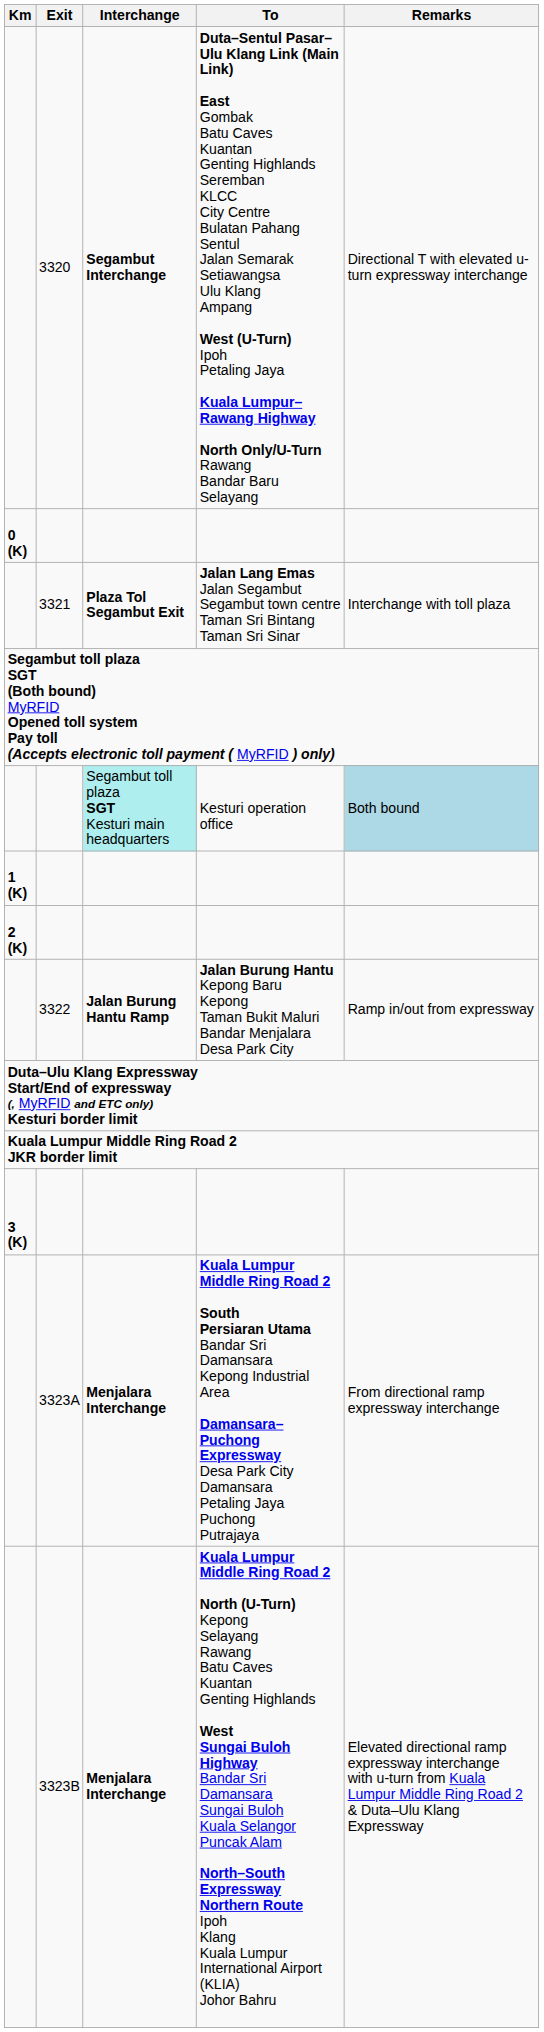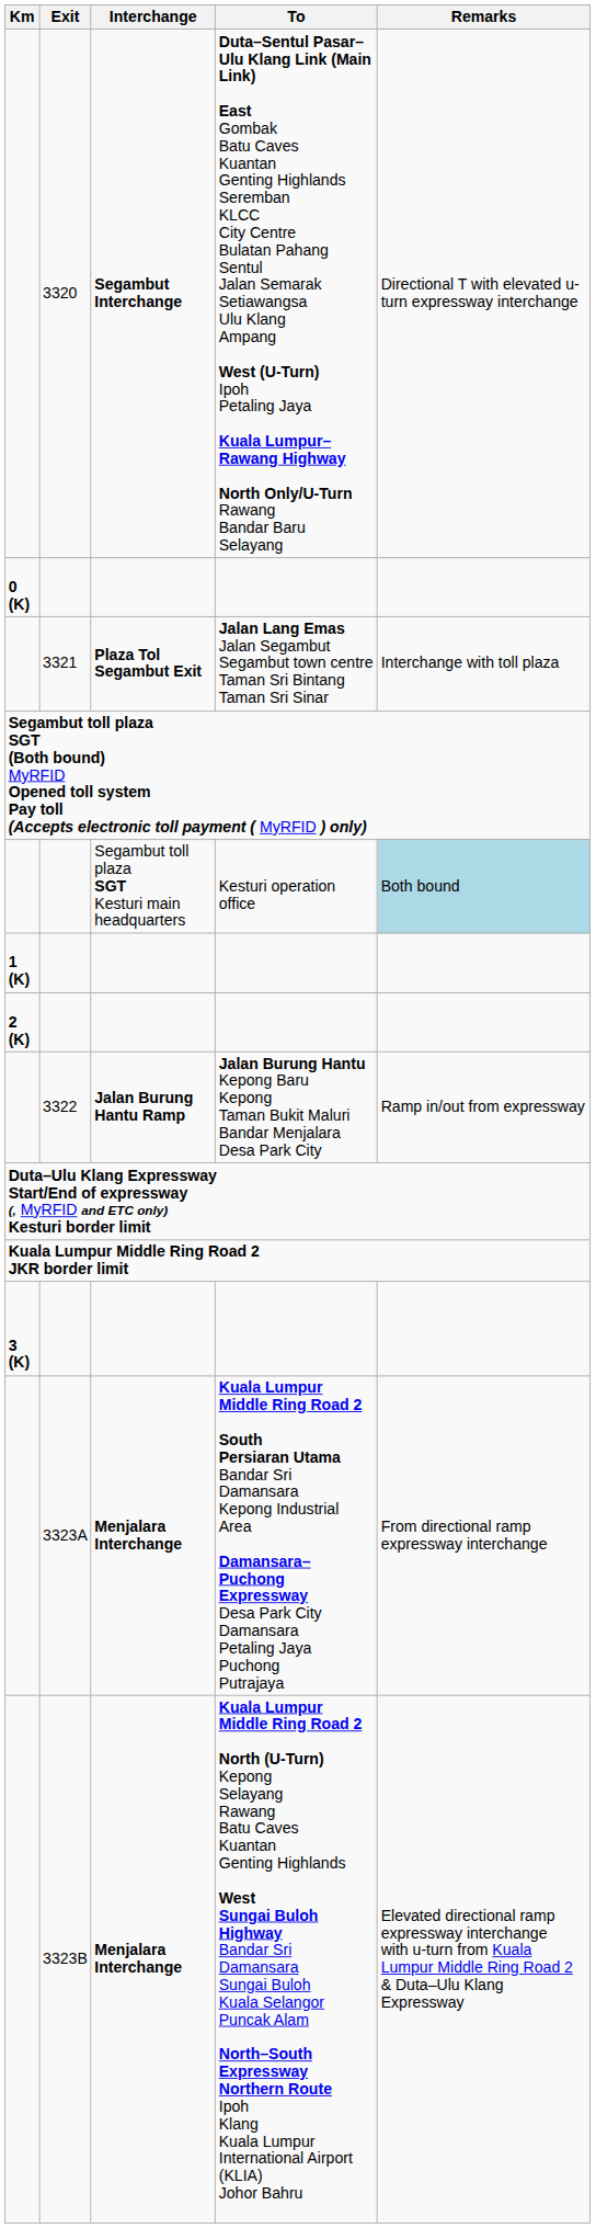 <table class="wikitable">
 <tr>
 <th>Km</th>
 <th>Exit</th>
 <th>Interchange</th>
 <th>To</th>
 <th>Remarks</th>
 </tr>
 <tr>
 <td></td>
 <td>3320</td>
 <td><strong>Segambut Interchange</strong></td>
 <td> <strong>Duta–Sentul Pasar–Ulu Klang Link (Main Link)</strong><br><br><strong>East</strong><br> Gombak<br> Batu Caves<br>   Kuantan<br>   Genting Highlands<br> Seremban<br> KLCC<br> City Centre<br> Bulatan Pahang<br> Sentul<br> Jalan Semarak<br> Setiawangsa<br> Ulu Klang<br> Ampang<br><br><strong>West (U-Turn)</strong><br>  Ipoh<br> Petaling Jaya<br><br> <strong><a href='#'>Kuala Lumpur–Rawang Highway</a></strong><br><br><strong>North Only/U-Turn</strong><br> Rawang<br> Bandar Baru Selayang</td>
 <td>Directional T with elevated u-turn expressway interchange</td>
 </tr>
 <tr>
 <td><br><strong>0 (K)</strong></td>
 <td></td>
 <td></td>
 <td></td>
 <td></td>
 </tr>
 <tr>
 <td></td>
 <td>3321</td>
 <td><strong>Plaza Tol Segambut Exit</strong></td>
 <td><strong>Jalan Lang Emas</strong><br>Jalan Segambut<br>Segambut town centre<br>Taman Sri Bintang<br>Taman Sri Sinar</td>
 <td>Interchange with toll plaza</td>
 </tr>
 <tr>
 <td style="width:600px" colspan="6" style="text-align:center; background:green;"><strong><span>Segambut toll plaza<br>SGT<br>(Both bound)<br></span></strong><a href='#'><span>My</span><span>RFID</span></a> <strong><span>   <br>Opened toll system<br>Pay toll<br><em>(Accepts electronic toll payment (</em></span></strong> <a href='#'><span>My</span><span>RFID</span></a> <strong><span><em>) only)</em></span></strong></td>
 </tr>
 <tr>
 <td></td>
 <td></td>
-<td style="background: paleturquoise;"> Segambut toll plaza<br><strong>SGT</strong><br>Kesturi main headquarters</td>
+<td> Segambut toll plaza<br><strong>SGT</strong><br>Kesturi main headquarters</td>
 <td>   <br>Kesturi operation office</td>
 <td style="background: lightblue;">Both bound</td>
 </tr>
 <tr>
 <td><br><strong>1 (K)</strong></td>
 <td></td>
 <td></td>
 <td></td>
 <td></td>
 </tr>
 <tr>
 <td><br><strong>2 (K)</strong></td>
 <td></td>
 <td></td>
 <td></td>
 <td></td>
 </tr>
 <tr>
 <td></td>
 <td>3322</td>
 <td><strong>Jalan Burung Hantu Ramp</strong></td>
 <td><strong>Jalan Burung Hantu</strong><br>Kepong Baru<br>Kepong<br>Taman Bukit Maluri<br>Bandar Menjalara<br>Desa Park City</td>
 <td>Ramp in/out from expressway</td>
 </tr>
 <tr>
 <td style="width:600px" colspan="6" style="text-align:center; background:green;"><strong><span> Duta–Ulu Klang Expressway<br>Start/End of expressway<br><small><em>(,</em></small></span></strong> <a href='#'><span>My</span><span>RFID</span></a><strong><span> <small><em>and  ETC only)</em></small><br>Kesturi border limit</span></strong></td>
 </tr>
 <tr>
 <td style="width:600px" colspan="6" style="text-align:center; background:blue;"><strong><span>  Kuala Lumpur Middle Ring Road 2<br>JKR border limit</span></strong></td>
 </tr>
 <tr>
 <td><br><br> <br><strong>3 (K)</strong></td>
 <td></td>
 <td></td>
 <td></td>
 <td></td>
 </tr>
 <tr>
 <td></td>
 <td>3323A</td>
 <td><strong>Menjalara Interchange</strong></td>
 <td>  <strong><a href='#'>Kuala Lumpur Middle Ring Road 2</a></strong><br><br><strong>South</strong><br><strong>Persiaran Utama</strong><br>Bandar Sri Damansara<br>Kepong Industrial Area<br><br> <strong><a href='#'>Damansara–Puchong Expressway</a></strong><br> Desa Park City<br>Damansara<br>Petaling Jaya<br> Puchong<br> Putrajaya</td>
 <td>From directional ramp expressway interchange</td>
 </tr>
 <tr>
 <td></td>
 <td>3323B</td>
 <td><strong>Menjalara Interchange</strong></td>
 <td>  <strong><a href='#'>Kuala Lumpur Middle Ring Road 2</a></strong><br><br><strong>North (U-Turn)</strong><br>  Kepong<br> Selayang<br> Rawang<br> Batu Caves<br>   Kuantan<br>   Genting Highlands<br><br><strong>West</strong><br> <strong><a href='#'>Sungai Buloh Highway</a></strong><br><a href='#'>Bandar Sri Damansara</a><br><a href='#'>Sungai Buloh</a><br><a href='#'>Kuala Selangor</a><br><a href='#'>Puncak Alam</a><br><br>  <strong><a href='#'>North–South Expressway Northern Route</a></strong><br>  Ipoh<br>  Klang<br>  Kuala Lumpur International Airport (KLIA) <br>  Johor Bahru<br><br></td>
 <td>Elevated directional ramp expressway interchange<br>with u-turn from   <a href='#'>Kuala Lumpur Middle Ring Road 2</a> &  Duta–Ulu Klang Expressway</td>
 </tr>
 </table>
